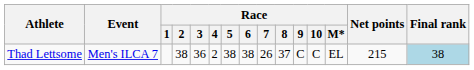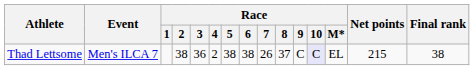 <table class="wikitable" style="font-size:90%">
 <tr>
 <th rowspan="2">Athlete</th>
 <th rowspan="2">Event</th>
 <th colspan=11>Race</th>
 <th rowspan=2>Net points</th>
 <th rowspan=2>Final rank</th>
 </tr>
 <tr style="font-size:95%">
 <th>1</th>
 <th>2</th>
 <th>3</th>
 <th>4</th>
 <th>5</th>
 <th>6</th>
 <th>7</th>
 <th>8</th>
 <th>9</th>
 <th>10</th>
 <th>M*</th>
 </tr>
 <tr align=center>
 <td align=left><a href='#'>Thad Lettsome</a></td>
 <td align=left><a href='#'>Men's ILCA 7</a></td>
 <td></td>
 <td>38</td>
 <td>36</td>
 <td>2</td>
 <td>38</td>
 <td>38</td>
 <td>26</td>
 <td>37</td>
 <td>C</td>
-<td>C</td>
+<td style="background: lavender;">C</td>
 <td>EL</td>
 <td>215</td>
-<td style="background: lightblue;">38</td>
+<td>38</td>
 </tr>
 </table>
